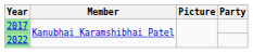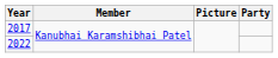 <table class="wikitable sortable">
 <tr>
 <th>Year</th>
 <th>Member</th>
 <th>Picture</th>
 <th colspan="2">Party</th>
 </tr>
 <tr>
-<td style="background: lightgreen;"><a href='#'>2017</a></td>
+<td><a href='#'>2017</a></td>
 <td rowspan="2"><a href='#'>Kanubhai Karamshibhai Patel</a></td>
 <td rowspan="2"></td>
 <td></td>
 </tr>
 <tr>
-<td style="background: lightgreen;"><a href='#'>2022</a></td>
+<td><a href='#'>2022</a></td>
 </tr>
 </table>
